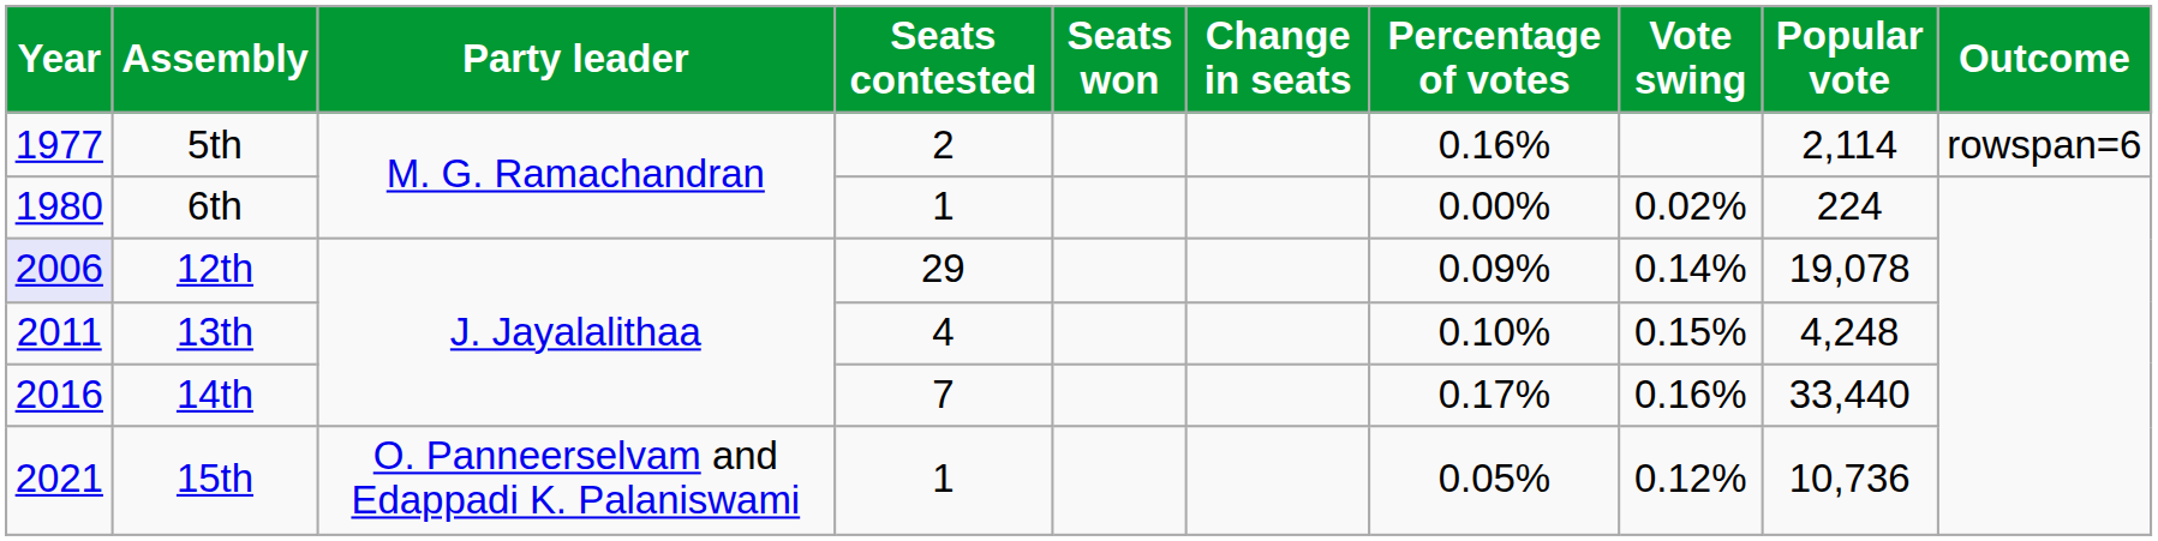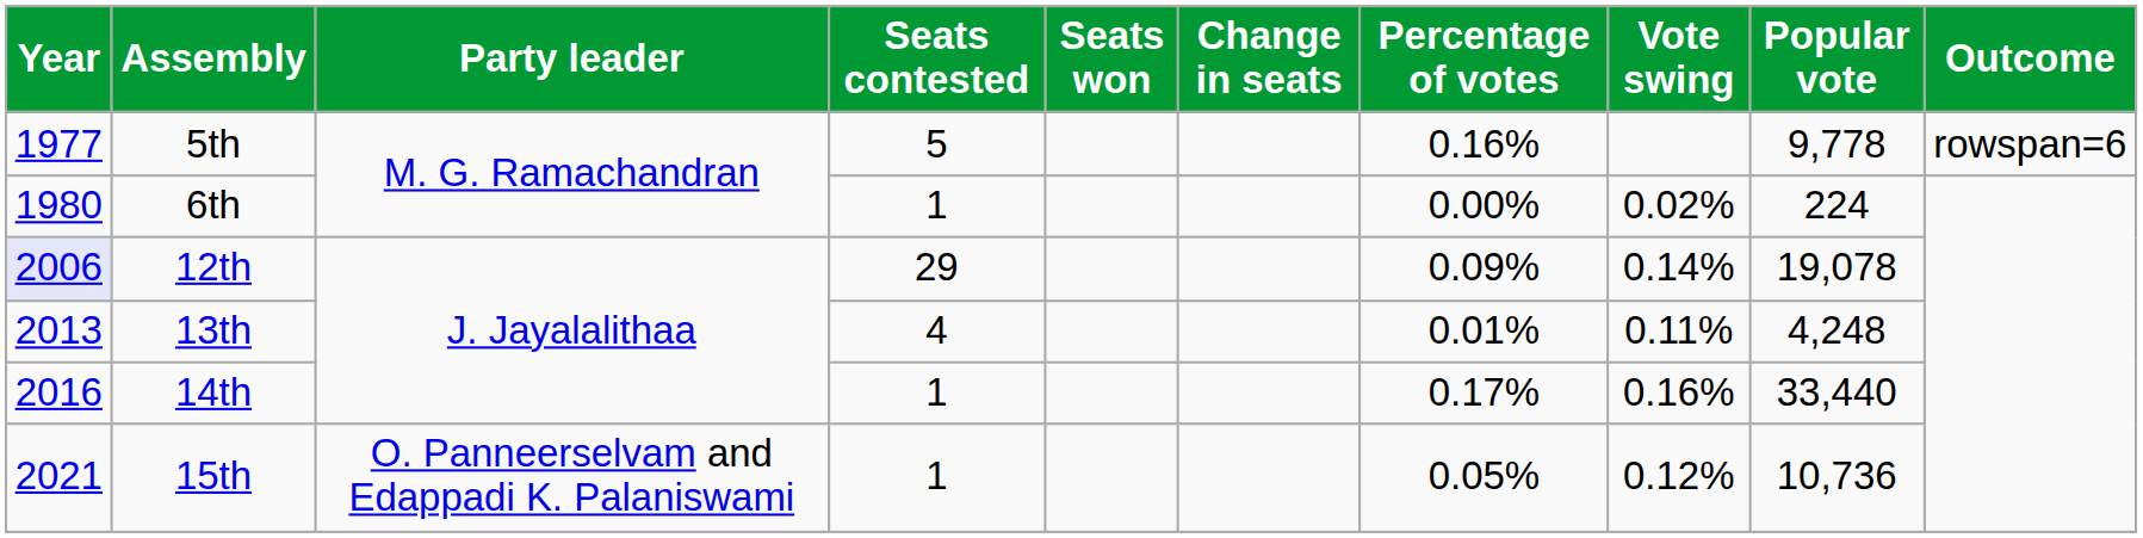 <table class="wikitable sortable" style="text-align:center">
 <tr>
 <th style="background-color:#009933;color:white">Year</th>
 <th style="background-color:#009933;color:white">Assembly</th>
 <th style="background-color:#009933;color:white">Party leader</th>
 <th style="background-color:#009933;color:white">Seats contested</th>
 <th style="background-color:#009933;color:white">Seats won</th>
 <th style="background-color:#009933;color:white">Change in seats</th>
 <th style="background-color:#009933;color:white">Percentage of votes</th>
 <th style="background-color:#009933;color:white">Vote swing</th>
 <th style="background-color:#009933;color:white">Popular vote</th>
 <th style="background-color:#009933;color:white">Outcome</th>
 </tr>
 <tr>
 <td><a href='#'>1977</a></td>
 <td>5th</td>
 <td rowspan=2><a href='#'>M. G. Ramachandran</a></td>
-<td>2</td>
+<td>5</td>
 <td></td>
 <td></td>
 <td>0.16%</td>
 <td></td>
-<td>2,114</td>
+<td>9,778</td>
 <td>rowspan=6 </td>
 </tr>
 <tr>
 <td><a href='#'>1980</a></td>
 <td>6th</td>
 <td>1</td>
 <td></td>
 <td></td>
 <td>0.00%</td>
 <td> 0.02%</td>
 <td>224</td>
 </tr>
 <tr>
 <td style="background: lavender;"><a href='#'>2006</a></td>
 <td><a href='#'>12th</a></td>
 <td rowspan=3><a href='#'>J. Jayalalithaa</a></td>
 <td>29</td>
 <td></td>
 <td></td>
 <td>0.09%</td>
 <td> 0.14%</td>
 <td>19,078</td>
 </tr>
 <tr>
-<td><a href='#'>2011</a></td>
+<td><a href='#'>2013</a></td>
 <td><a href='#'>13th</a></td>
 <td>4</td>
 <td></td>
 <td></td>
-<td>0.10%</td>
-<td> 0.15%</td>
+<td>0.01%</td>
+<td> 0.11%</td>
 <td>4,248</td>
 </tr>
 <tr>
 <td><a href='#'>2016</a></td>
 <td><a href='#'>14th</a></td>
-<td>7</td>
+<td>1</td>
 <td></td>
 <td></td>
 <td>0.17%</td>
 <td> 0.16%</td>
 <td>33,440</td>
 </tr>
 <tr>
 <td><a href='#'>2021</a></td>
 <td><a href='#'>15th</a></td>
 <td><a href='#'>O. Panneerselvam</a> and <a href='#'>Edappadi&nbsp;K.&nbsp;Palaniswami</a></td>
 <td>1</td>
 <td></td>
 <td></td>
 <td>0.05%</td>
 <td> 0.12%</td>
 <td>10,736</td>
 </tr>
 </table>
